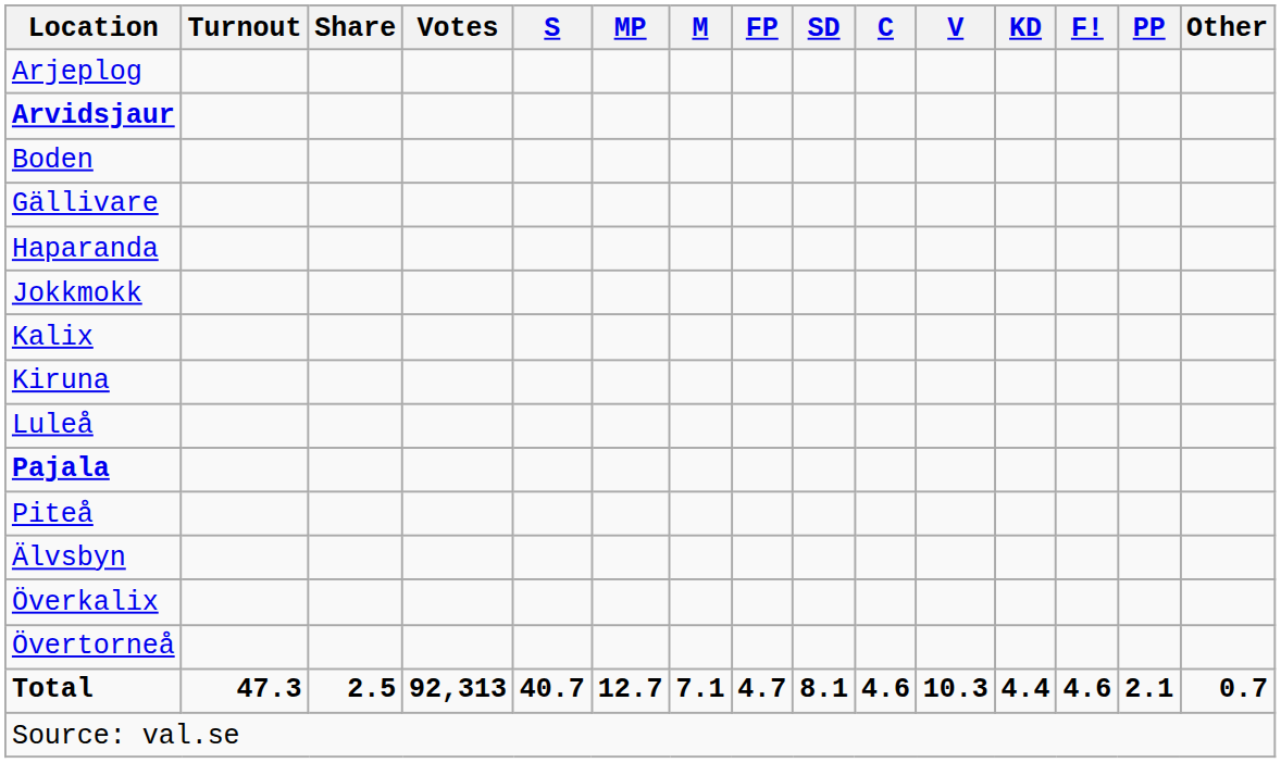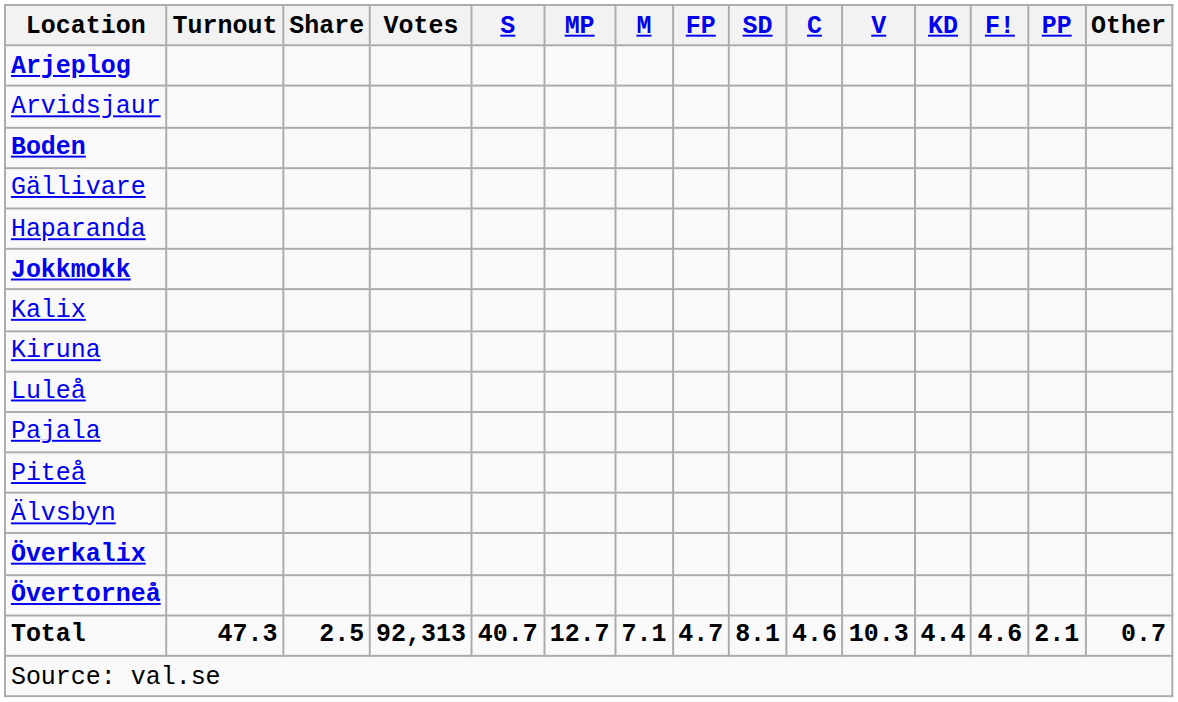 <table class="wikitable sortable" style=text-align:right>
 <tr>
 <th>Location</th>
 <th>Turnout</th>
 <th>Share</th>
 <th>Votes</th>
 <th><a href='#'>S</a></th>
 <th><a href='#'>MP</a></th>
 <th><a href='#'>M</a></th>
 <th><a href='#'>FP</a></th>
 <th><a href='#'>SD</a></th>
 <th><a href='#'>C</a></th>
 <th><a href='#'>V</a></th>
 <th><a href='#'>KD</a></th>
 <th><a href='#'>F!</a></th>
 <th><a href='#'>PP</a></th>
 <th>Other</th>
 </tr>
 <tr>
-<td align=left><a href='#'>Arjeplog</a></td>
+<td align=left><strong><a href='#'>Arjeplog</a></strong></td>
 <td></td>
 <td></td>
 <td></td>
 <td></td>
 <td></td>
 <td></td>
 <td></td>
 <td></td>
 <td></td>
 <td></td>
 <td></td>
 <td></td>
 <td></td>
 <td></td>
 </tr>
 <tr>
-<td align=left><strong><a href='#'>Arvidsjaur</a></strong></td>
+<td align=left><a href='#'>Arvidsjaur</a></td>
 <td></td>
 <td></td>
 <td></td>
 <td></td>
 <td></td>
 <td></td>
 <td></td>
 <td></td>
 <td></td>
 <td></td>
 <td></td>
 <td></td>
 <td></td>
 <td></td>
 </tr>
 <tr>
-<td align=left><a href='#'>Boden</a></td>
+<td align=left><strong><a href='#'>Boden</a></strong></td>
 <td></td>
 <td></td>
 <td></td>
 <td></td>
 <td></td>
 <td></td>
 <td></td>
 <td></td>
 <td></td>
 <td></td>
 <td></td>
 <td></td>
 <td></td>
 <td></td>
 </tr>
 <tr>
 <td align=left><a href='#'>Gällivare</a></td>
 <td></td>
 <td></td>
 <td></td>
 <td></td>
 <td></td>
 <td></td>
 <td></td>
 <td></td>
 <td></td>
 <td></td>
 <td></td>
 <td></td>
 <td></td>
 <td></td>
 </tr>
 <tr>
 <td align=left><a href='#'>Haparanda</a></td>
 <td></td>
 <td></td>
 <td></td>
 <td></td>
 <td></td>
 <td></td>
 <td></td>
 <td></td>
 <td></td>
 <td></td>
 <td></td>
 <td></td>
 <td></td>
 <td></td>
 </tr>
 <tr>
-<td align=left><a href='#'>Jokkmokk</a></td>
+<td align=left><strong><a href='#'>Jokkmokk</a></strong></td>
 <td></td>
 <td></td>
 <td></td>
 <td></td>
 <td></td>
 <td></td>
 <td></td>
 <td></td>
 <td></td>
 <td></td>
 <td></td>
 <td></td>
 <td></td>
 <td></td>
 </tr>
 <tr>
 <td align=left><a href='#'>Kalix</a></td>
 <td></td>
 <td></td>
 <td></td>
 <td></td>
 <td></td>
 <td></td>
 <td></td>
 <td></td>
 <td></td>
 <td></td>
 <td></td>
 <td></td>
 <td></td>
 <td></td>
 </tr>
 <tr>
 <td align=left><a href='#'>Kiruna</a></td>
 <td></td>
 <td></td>
 <td></td>
 <td></td>
 <td></td>
 <td></td>
 <td></td>
 <td></td>
 <td></td>
 <td></td>
 <td></td>
 <td></td>
 <td></td>
 <td></td>
 </tr>
 <tr>
 <td align=left><a href='#'>Luleå</a></td>
 <td></td>
 <td></td>
 <td></td>
 <td></td>
 <td></td>
 <td></td>
 <td></td>
 <td></td>
 <td></td>
 <td></td>
 <td></td>
 <td></td>
 <td></td>
 <td></td>
 </tr>
 <tr>
-<td align=left><strong><a href='#'>Pajala</a></strong></td>
+<td align=left><a href='#'>Pajala</a></td>
 <td></td>
 <td></td>
 <td></td>
 <td></td>
 <td></td>
 <td></td>
 <td></td>
 <td></td>
 <td></td>
 <td></td>
 <td></td>
 <td></td>
 <td></td>
 <td></td>
 </tr>
 <tr>
 <td align=left><a href='#'>Piteå</a></td>
 <td></td>
 <td></td>
 <td></td>
 <td></td>
 <td></td>
 <td></td>
 <td></td>
 <td></td>
 <td></td>
 <td></td>
 <td></td>
 <td></td>
 <td></td>
 <td></td>
 </tr>
 <tr>
 <td align=left><a href='#'>Älvsbyn</a></td>
 <td></td>
 <td></td>
 <td></td>
 <td></td>
 <td></td>
 <td></td>
 <td></td>
 <td></td>
 <td></td>
 <td></td>
 <td></td>
 <td></td>
 <td></td>
 <td></td>
 </tr>
 <tr>
-<td align=left><a href='#'>Överkalix</a></td>
+<td align=left><strong><a href='#'>Överkalix</a></strong></td>
 <td></td>
 <td></td>
 <td></td>
 <td></td>
 <td></td>
 <td></td>
 <td></td>
 <td></td>
 <td></td>
 <td></td>
 <td></td>
 <td></td>
 <td></td>
 <td></td>
 </tr>
 <tr>
-<td align=left><a href='#'>Övertorneå</a></td>
+<td align=left><strong><a href='#'>Övertorneå</a></strong></td>
 <td></td>
 <td></td>
 <td></td>
 <td></td>
 <td></td>
 <td></td>
 <td></td>
 <td></td>
 <td></td>
 <td></td>
 <td></td>
 <td></td>
 <td></td>
 <td></td>
 </tr>
 <tr>
 <td align=left><strong>Total</strong></td>
 <td><strong>47.3</strong></td>
 <td><strong>2.5</strong></td>
 <td><strong>92,313</strong></td>
 <td><strong>40.7</strong></td>
 <td><strong>12.7</strong></td>
 <td><strong>7.1</strong></td>
 <td><strong>4.7</strong></td>
 <td><strong>8.1</strong></td>
 <td><strong>4.6</strong></td>
 <td><strong>10.3</strong></td>
 <td><strong>4.4</strong></td>
 <td><strong>4.6</strong></td>
 <td><strong>2.1</strong></td>
 <td><strong>0.7</strong></td>
 </tr>
 <tr>
 <td align=left colspan=15>Source: val.se </td>
 </tr>
 </table>
